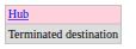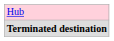 <table class="wikitable">
 <tr style="background:#FFD1DC">
 <td><a href='#'>Hub</a></td>
 </tr>
 <tr style="background:#DDDDDD">
-<td>Terminated destination</td>
+<td><strong>Terminated destination</strong></td>
 </tr>
 </table>
